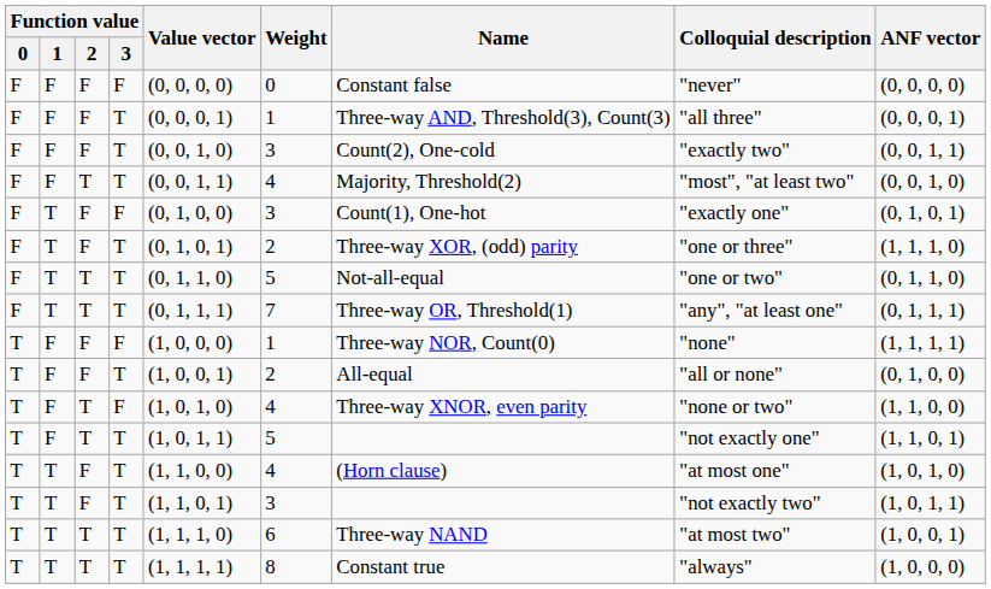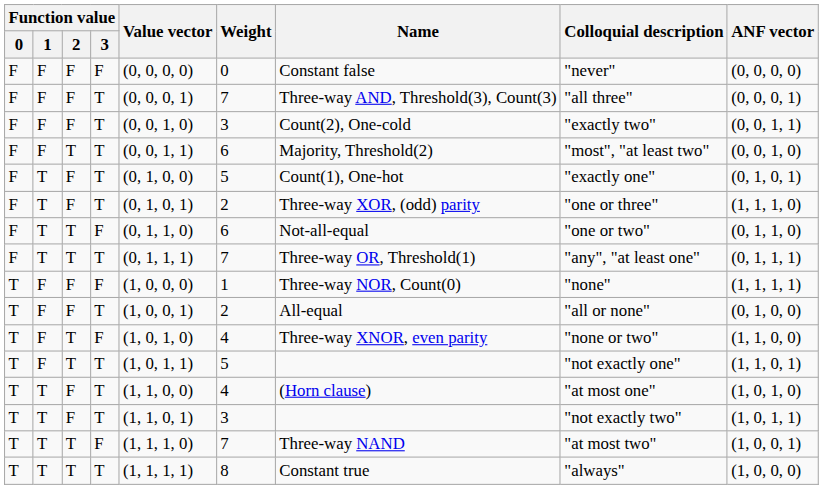 <table class="wikitable">
 <tr>
 <th colspan="4">Function value</th>
 <th rowspan="2">Value vector</th>
 <th rowspan="2">Weight</th>
 <th rowspan="2">Name</th>
 <th rowspan="2">Colloquial description</th>
 <th rowspan="2">ANF vector</th>
 </tr>
 <tr>
 <th>0</th>
 <th>1</th>
 <th>2</th>
 <th>3</th>
 </tr>
 <tr>
 <td>F</td>
 <td>F</td>
 <td>F</td>
 <td>F</td>
 <td>(0, 0, 0, 0)</td>
 <td>0</td>
 <td>Constant false</td>
 <td>"never"</td>
 <td>(0, 0, 0, 0)</td>
 </tr>
 <tr>
 <td>F</td>
 <td>F</td>
 <td>F</td>
 <td>T</td>
 <td>(0, 0, 0, 1)</td>
-<td>1</td>
+<td>7</td>
 <td>Three-way <a href='#'>AND</a>, Threshold(3), Count(3)</td>
 <td>"all three"</td>
 <td>(0, 0, 0, 1)</td>
 </tr>
 <tr>
 <td>F</td>
 <td>F</td>
 <td>F</td>
 <td>T</td>
 <td>(0, 0, 1, 0)</td>
 <td>3</td>
 <td>Count(2), One-cold</td>
 <td>"exactly two"</td>
 <td>(0, 0, 1, 1)</td>
 </tr>
 <tr>
 <td>F</td>
 <td>F</td>
 <td>T</td>
 <td>T</td>
 <td>(0, 0, 1, 1)</td>
-<td>4</td>
+<td>6</td>
 <td>Majority, Threshold(2)</td>
 <td>"most", "at least two"</td>
 <td>(0, 0, 1, 0)</td>
 </tr>
 <tr>
 <td>F</td>
 <td>T</td>
 <td>F</td>
-<td>F</td>
+<td>T</td>
 <td>(0, 1, 0, 0)</td>
-<td>3</td>
+<td>5</td>
 <td>Count(1), One-hot</td>
 <td>"exactly one"</td>
 <td>(0, 1, 0, 1)</td>
 </tr>
 <tr>
 <td>F</td>
 <td>T</td>
 <td>F</td>
 <td>T</td>
 <td>(0, 1, 0, 1)</td>
 <td>2</td>
 <td>Three-way <a href='#'>XOR</a>, (odd) <a href='#'>parity</a></td>
 <td>"one or three"</td>
 <td>(1, 1, 1, 0)</td>
 </tr>
 <tr>
 <td>F</td>
 <td>T</td>
 <td>T</td>
-<td>T</td>
+<td>F</td>
 <td>(0, 1, 1, 0)</td>
-<td>5</td>
+<td>6</td>
 <td>Not-all-equal</td>
 <td>"one or two"</td>
 <td>(0, 1, 1, 0)</td>
 </tr>
 <tr>
 <td>F</td>
 <td>T</td>
 <td>T</td>
 <td>T</td>
 <td>(0, 1, 1, 1)</td>
 <td>7</td>
 <td>Three-way <a href='#'>OR</a>, Threshold(1)</td>
 <td>"any", "at least one"</td>
 <td>(0, 1, 1, 1)</td>
 </tr>
 <tr>
 <td>T</td>
 <td>F</td>
 <td>F</td>
 <td>F</td>
 <td>(1, 0, 0, 0)</td>
 <td>1</td>
 <td>Three-way <a href='#'>NOR</a>, Count(0)</td>
 <td>"none"</td>
 <td>(1, 1, 1, 1)</td>
 </tr>
 <tr>
 <td>T</td>
 <td>F</td>
 <td>F</td>
 <td>T</td>
 <td>(1, 0, 0, 1)</td>
 <td>2</td>
 <td>All-equal</td>
 <td>"all or none"</td>
 <td>(0, 1, 0, 0)</td>
 </tr>
 <tr>
 <td>T</td>
 <td>F</td>
 <td>T</td>
 <td>F</td>
 <td>(1, 0, 1, 0)</td>
 <td>4</td>
 <td>Three-way <a href='#'>XNOR</a>, <a href='#'>even parity</a></td>
 <td>"none or two"</td>
 <td>(1, 1, 0, 0)</td>
 </tr>
 <tr>
 <td>T</td>
 <td>F</td>
 <td>T</td>
 <td>T</td>
 <td>(1, 0, 1, 1)</td>
 <td>5</td>
 <td></td>
 <td>"not exactly one"</td>
 <td>(1, 1, 0, 1)</td>
 </tr>
 <tr>
 <td>T</td>
 <td>T</td>
 <td>F</td>
 <td>T</td>
 <td>(1, 1, 0, 0)</td>
 <td>4</td>
 <td>(<a href='#'>Horn clause</a>)</td>
 <td>"at most one"</td>
 <td>(1, 0, 1, 0)</td>
 </tr>
 <tr>
 <td>T</td>
 <td>T</td>
 <td>F</td>
 <td>T</td>
 <td>(1, 1, 0, 1)</td>
 <td>3</td>
 <td></td>
 <td>"not exactly two"</td>
 <td>(1, 0, 1, 1)</td>
 </tr>
 <tr>
 <td>T</td>
 <td>T</td>
 <td>T</td>
-<td>T</td>
+<td>F</td>
 <td>(1, 1, 1, 0)</td>
-<td>6</td>
+<td>7</td>
 <td>Three-way <a href='#'>NAND</a></td>
 <td>"at most two"</td>
 <td>(1, 0, 0, 1)</td>
 </tr>
 <tr>
 <td>T</td>
 <td>T</td>
 <td>T</td>
 <td>T</td>
 <td>(1, 1, 1, 1)</td>
 <td>8</td>
 <td>Constant true</td>
 <td>"always"</td>
 <td>(1, 0, 0, 0)</td>
 </tr>
 </table>
